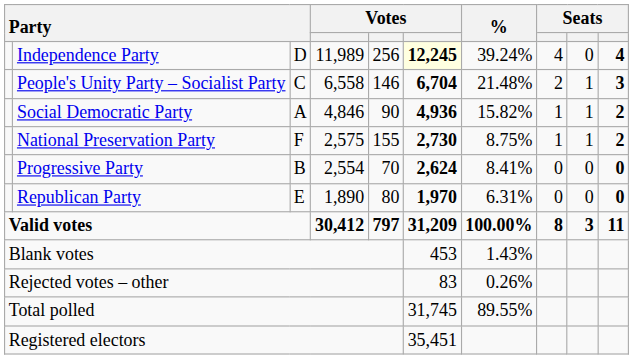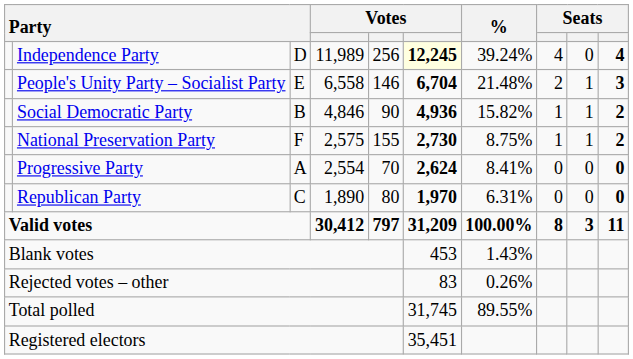 <table class="wikitable" border="1" style="text-align:right;">
 <tr>
 <th style="text-align:left;" valign=bottom rowspan=2 colspan=3>Party</th>
 <th colspan=3>Votes</th>
 <th align=center valign=bottom rowspan=2 width="50">%</th>
 <th colspan=3>Seats</th>
 </tr>
 <tr>
 <th align=center valign=bottom width="20"><small></small></th>
 <th align=center valign=bottom width="20"><small></small></th>
 <th align=center valign=bottom width="20"><small></small></th>
 <th align=center valign=bottom width="20"><small></small></th>
 <th align=center valign=bottom width="20"><small><a href='#'></a></small></th>
 <th align=center valign=bottom width="20"><small></small></th>
 </tr>
 <tr>
 <td></td>
 <td align=left><a href='#'>Independence Party</a></td>
 <td align=left>D</td>
 <td>11,989</td>
 <td>256</td>
 <td style="background: lightyellow;"><strong>12,245</strong></td>
 <td>39.24%</td>
 <td>4</td>
 <td>0</td>
 <td><strong>4</strong></td>
 </tr>
 <tr>
 <td></td>
 <td align=left><a href='#'>People's Unity Party – Socialist Party</a></td>
-<td align=left>C</td>
+<td align=left>E</td>
 <td>6,558</td>
 <td>146</td>
 <td><strong>6,704</strong></td>
 <td>21.48%</td>
 <td>2</td>
 <td>1</td>
 <td><strong>3</strong></td>
 </tr>
 <tr>
 <td></td>
 <td align=left><a href='#'>Social Democratic Party</a></td>
-<td align=left>A</td>
+<td align=left>B</td>
 <td>4,846</td>
 <td>90</td>
 <td><strong>4,936</strong></td>
 <td>15.82%</td>
 <td>1</td>
 <td>1</td>
 <td><strong>2</strong></td>
 </tr>
 <tr>
 <td></td>
 <td align=left><a href='#'>National Preservation Party</a></td>
 <td align=left>F</td>
 <td>2,575</td>
 <td>155</td>
 <td><strong>2,730</strong></td>
 <td>8.75%</td>
 <td>1</td>
 <td>1</td>
 <td><strong>2</strong></td>
 </tr>
 <tr>
 <td></td>
 <td align=left><a href='#'>Progressive Party</a></td>
-<td align=left>B</td>
+<td align=left>A</td>
 <td>2,554</td>
 <td>70</td>
 <td><strong>2,624</strong></td>
 <td>8.41%</td>
 <td>0</td>
 <td>0</td>
 <td><strong>0</strong></td>
 </tr>
 <tr>
 <td></td>
 <td align=left><a href='#'>Republican Party</a></td>
-<td align=left>E</td>
+<td align=left>C</td>
 <td>1,890</td>
 <td>80</td>
 <td><strong>1,970</strong></td>
 <td>6.31%</td>
 <td>0</td>
 <td>0</td>
 <td><strong>0</strong></td>
 </tr>
 <tr style="font-weight:bold">
 <td align=left colspan=3>Valid votes</td>
 <td>30,412</td>
 <td>797</td>
 <td>31,209</td>
 <td>100.00%</td>
 <td>8</td>
 <td>3</td>
 <td>11</td>
 </tr>
 <tr>
 <td align=left colspan=5>Blank votes</td>
 <td>453</td>
 <td>1.43%</td>
 <td></td>
 <td></td>
 <td></td>
 </tr>
 <tr>
 <td align=left colspan=5>Rejected votes – other</td>
 <td>83</td>
 <td>0.26%</td>
 <td></td>
 <td></td>
 <td></td>
 </tr>
 <tr>
 <td align=left colspan=5>Total polled</td>
 <td>31,745</td>
 <td>89.55%</td>
 <td></td>
 <td></td>
 <td></td>
 </tr>
 <tr>
 <td align=left colspan=5>Registered electors</td>
 <td>35,451</td>
 <td></td>
 <td></td>
 <td></td>
 <td></td>
 </tr>
 </table>
